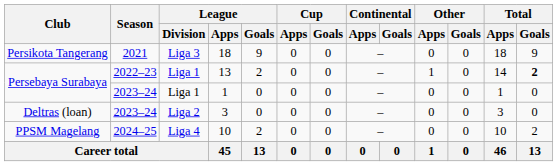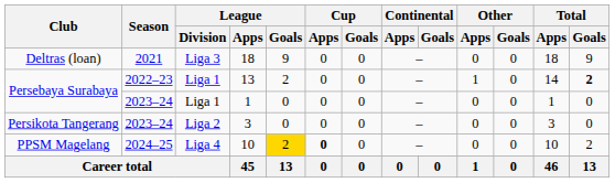 <table class="wikitable" style="text-align: center">
 <tr>
 <th rowspan="2">Club</th>
 <th rowspan="2">Season</th>
 <th colspan="3">League</th>
 <th colspan="2">Cup</th>
 <th colspan="2">Continental</th>
 <th colspan="2">Other</th>
 <th colspan="2">Total</th>
 </tr>
 <tr>
 <th>Division</th>
 <th>Apps</th>
 <th>Goals</th>
 <th>Apps</th>
 <th>Goals</th>
 <th>Apps</th>
 <th>Goals</th>
 <th>Apps</th>
 <th>Goals</th>
 <th>Apps</th>
 <th>Goals</th>
 </tr>
 <tr>
-<td rowspan="1"><a href='#'>Persikota Tangerang</a></td>
+<td rowspan="1"><a href='#'>Deltras</a> (loan)</td>
 <td><a href='#'>2021</a></td>
 <td rowspan="1" valign="center"><a href='#'>Liga 3</a></td>
 <td>18</td>
 <td>9</td>
 <td>0</td>
 <td>0</td>
 <td colspan="2">–</td>
 <td>0</td>
 <td>0</td>
 <td>18</td>
 <td>9</td>
 </tr>
 <tr>
 <td rowspan="2"><a href='#'>Persebaya Surabaya</a></td>
 <td><a href='#'>2022–23</a></td>
 <td rowspan="1" valign="center"><a href='#'>Liga 1</a></td>
 <td>13</td>
 <td>2</td>
 <td>0</td>
 <td>0</td>
 <td colspan="2">–</td>
 <td>1</td>
 <td>0</td>
 <td>14</td>
 <td><strong>2</strong></td>
 </tr>
 <tr>
 <td><a href='#'>2023–24</a></td>
 <td rowspan="1" valign="center">Liga 1</td>
 <td>1</td>
 <td>0</td>
 <td>0</td>
 <td>0</td>
 <td colspan="2">–</td>
 <td>0</td>
 <td>0</td>
 <td>1</td>
 <td>0</td>
 </tr>
 <tr>
-<td rowspan="1"><a href='#'>Deltras</a> (loan)</td>
+<td rowspan="1"><a href='#'>Persikota Tangerang</a></td>
 <td><a href='#'>2023–24</a></td>
 <td rowspan="1" valign="center"><a href='#'>Liga 2</a></td>
 <td>3</td>
 <td>0</td>
 <td>0</td>
 <td>0</td>
 <td colspan="2">–</td>
 <td>0</td>
 <td>0</td>
 <td>3</td>
 <td>0</td>
 </tr>
 <tr>
 <td rowspan="1"><a href='#'>PPSM Magelang</a></td>
 <td><a href='#'>2024–25</a></td>
 <td rowspan="1" valign="center"><a href='#'>Liga 4</a></td>
 <td>10</td>
-<td>2</td>
-<td>0</td>
+<td style="background: gold;">2</td>
+<td><strong>0</strong></td>
 <td>0</td>
 <td colspan="2">–</td>
 <td>0</td>
 <td>0</td>
 <td>10</td>
 <td>2</td>
 </tr>
 <tr>
 <th colspan=3>Career total</th>
 <th>45</th>
 <th>13</th>
 <th>0</th>
 <th>0</th>
 <th>0</th>
 <th>0</th>
 <th>1</th>
 <th>0</th>
 <th>46</th>
 <th>13</th>
 </tr>
 </table>
